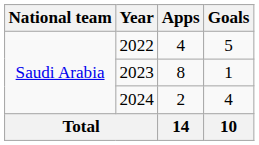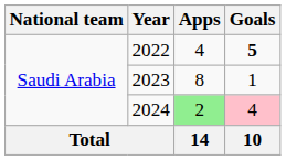 <table class="wikitable" style="text-align:center">
 <tr>
 <th>National team</th>
 <th>Year</th>
 <th>Apps</th>
 <th>Goals</th>
 </tr>
 <tr>
 <td rowspan="3"><a href='#'>Saudi Arabia</a></td>
 <td>2022</td>
 <td>4</td>
-<td>5</td>
+<td><strong>5</strong></td>
 </tr>
 <tr>
 <td>2023</td>
 <td>8</td>
 <td>1</td>
 </tr>
 <tr>
 <td>2024</td>
-<td>2</td>
-<td>4</td>
+<td style="background: lightgreen;">2</td>
+<td style="background: pink;">4</td>
 </tr>
 <tr>
 <th colspan="2">Total</th>
 <th>14</th>
 <th>10</th>
 </tr>
 </table>
